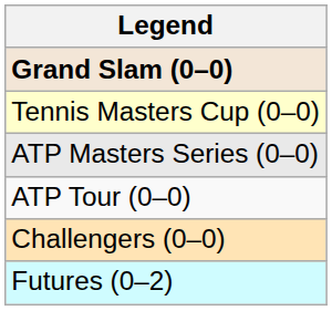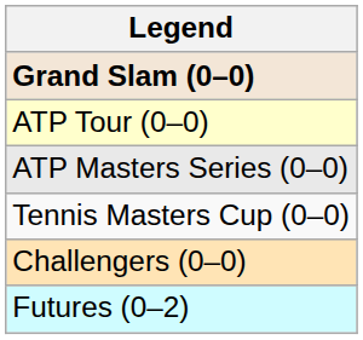 <table class="wikitable sortable mw-collapsible mw-collapsed">
 <tr>
 <th>Legend</th>
 </tr>
 <tr style="background:#f3e6d7;">
 <td><strong>Grand Slam (0–0)</strong></td>
 </tr>
 <tr style="background:#ffffcc;">
-<td>Tennis Masters Cup (0–0)</td>
+<td>ATP Tour (0–0)</td>
 </tr>
 <tr style="background:#e9e9e9;">
 <td>ATP Masters Series (0–0)</td>
 </tr>
 <tr>
-<td>ATP Tour (0–0)</td>
+<td>Tennis Masters Cup (0–0)</td>
 </tr>
 <tr bgcolor="moccasin">
 <td>Challengers (0–0)</td>
 </tr>
 <tr bgcolor="CFFCFF">
 <td>Futures (0–2)</td>
 </tr>
 </table>
